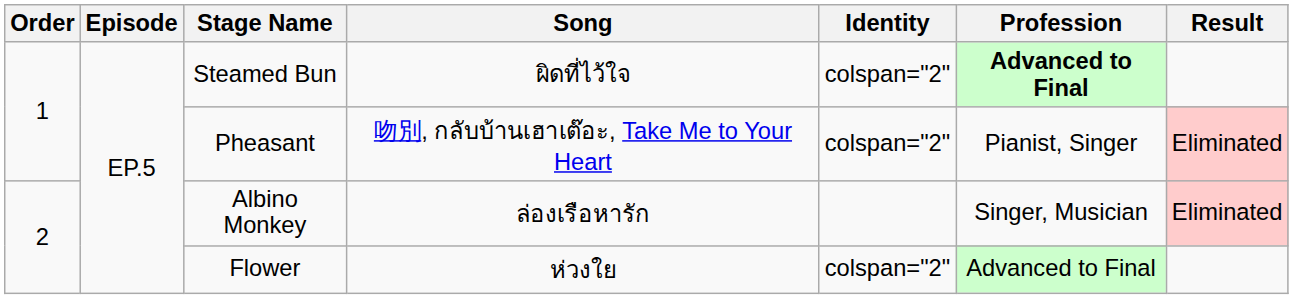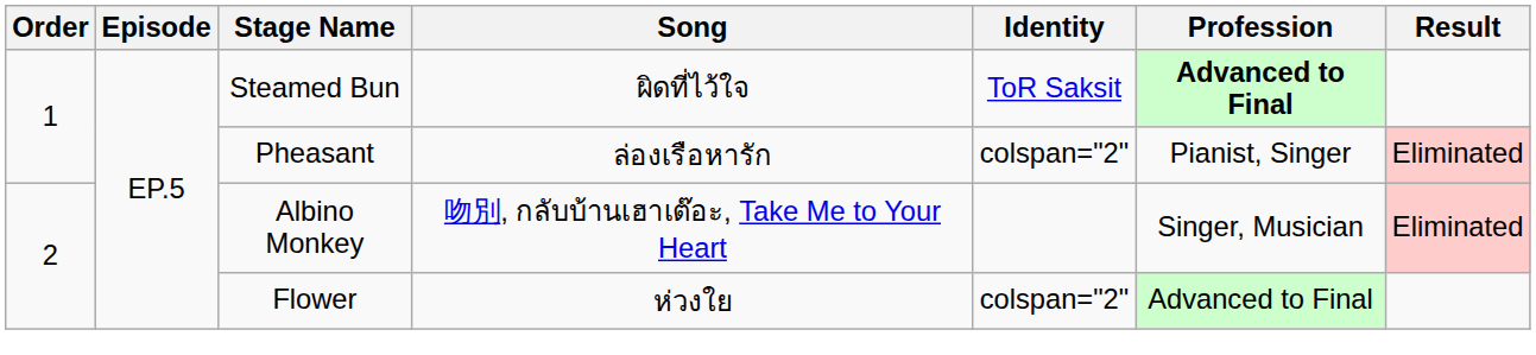 <table class="wikitable">
 <tr>
 <th>Order</th>
 <th>Episode</th>
 <th>Stage Name</th>
 <th>Song</th>
 <th>Identity</th>
 <th>Profession</th>
 <th>Result</th>
 </tr>
 <tr>
 <td rowspan="2" align="center">1</td>
 <td rowspan="4" align="center">EP.5</td>
 <td align="center">Steamed Bun</td>
 <td align="center">ผิดที่ไว้ใจ</td>
-<td>colspan="2"  </td>
+<td align="center"><a href='#'>ToR Saksit</a></td>
 <td style="text-align:center; background:#ccffcc;"><strong>Advanced to Final</strong></td>
 </tr>
 <tr>
 <td align="center">Pheasant</td>
-<td align="center"><a href='#'>吻別</a>, กลับบ้านเฮาเต๊อะ, <a href='#'>Take Me to Your Heart</a></td>
+<td align="center">ล่องเรือหารัก</td>
 <td>colspan="2"  </td>
 <td align="center">Pianist, Singer</td>
 <td style="text-align:center; background:#ffcccc;">Eliminated</td>
 </tr>
 <tr>
 <td rowspan="2" align="center">2</td>
 <td align="center">Albino Monkey</td>
-<td align="center">ล่องเรือหารัก</td>
+<td align="center"><a href='#'>吻別</a>, กลับบ้านเฮาเต๊อะ, <a href='#'>Take Me to Your Heart</a></td>
 <td align="center"></td>
 <td align="center">Singer, Musician</td>
 <td style="text-align:center; background:#ffcccc;">Eliminated</td>
 </tr>
 <tr>
 <td align="center">Flower</td>
 <td align="center">ห่วงใย</td>
 <td>colspan="2"  </td>
 <td style="text-align:center; background:#ccffcc;">Advanced to Final</td>
 </tr>
 </table>
